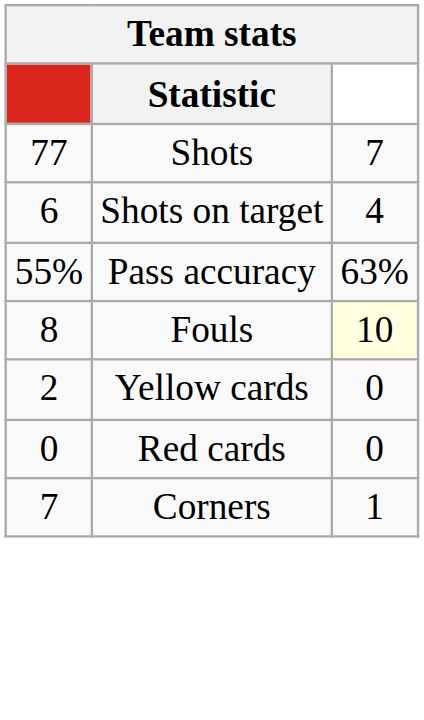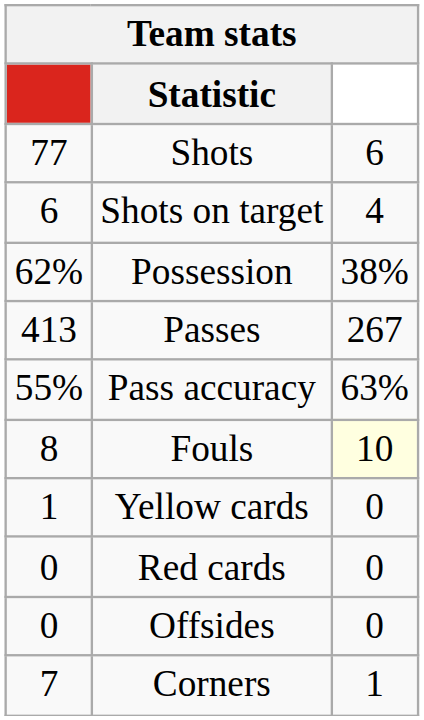 <table class="wikitable" style="margin-left: auto; margin-right: auto; border: none; text-align:center;">
 <tr>
 <th colspan=3>Team stats</th>
 </tr>
 <tr>
 <th style="background: #da251d; color: #FFFFFF;"> <a href='#'></a></th>
 <th>Statistic</th>
 <th style="background: #FFFFFF; color: #0029CC;"> <a href='#'></a></th>
 </tr>
 <tr>
 <td>77</td>
 <td>Shots</td>
-<td>7</td>
+<td>6</td>
 </tr>
 <tr>
 <td>6</td>
 <td>Shots on target</td>
 <td>4</td>
+</tr>
+<tr>
+<td>62%</td>
+<td>Possession</td>
+<td>38%</td>
+</tr>
+<tr>
+<td>413</td>
+<td>Passes</td>
+<td>267</td>
 </tr>
 <tr>
 <td>55%</td>
 <td>Pass accuracy</td>
 <td>63%</td>
 </tr>
 <tr>
 <td>8</td>
 <td>Fouls</td>
 <td style="background: lightyellow;">10</td>
 </tr>
 <tr>
-<td>2</td>
+<td>1</td>
 <td>Yellow cards</td>
 <td>0</td>
 </tr>
 <tr>
 <td>0</td>
 <td>Red cards</td>
 <td>0</td>
 </tr>
 <tr>
+<td>0</td>
+<td>Offsides</td>
+<td>0</td>
+</tr>
+<tr>
 <td>7</td>
 <td>Corners</td>
 <td>1</td>
 </tr>
 </table>
